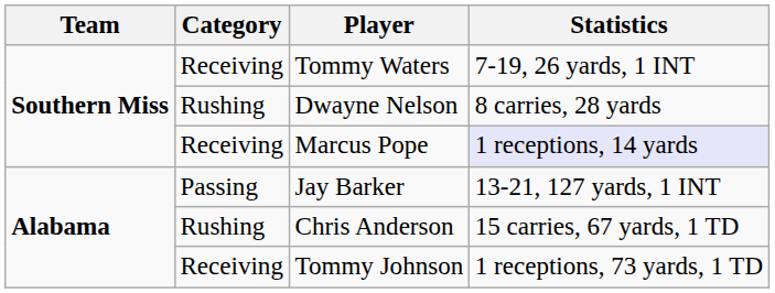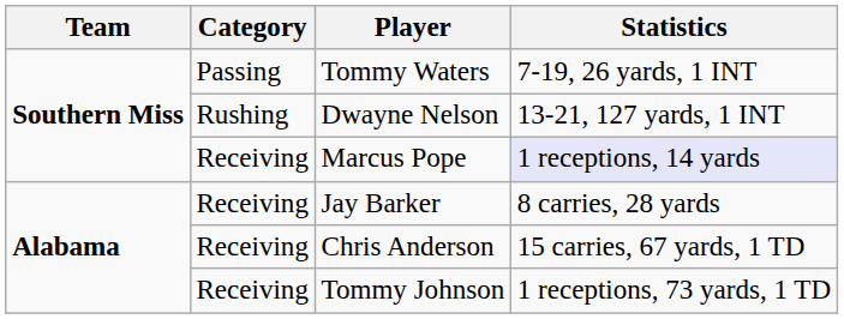 <table class="wikitable" style="float: right;">
 <tr>
 <th>Team</th>
 <th>Category</th>
 <th>Player</th>
 <th>Statistics</th>
 </tr>
 <tr>
 <td rowspan=3><strong>Southern Miss</strong></td>
-<td>Receiving</td>
+<td>Passing</td>
 <td>Tommy Waters</td>
 <td>7-19, 26 yards, 1 INT</td>
 </tr>
 <tr>
 <td>Rushing</td>
 <td>Dwayne Nelson</td>
-<td>8 carries, 28 yards</td>
+<td>13-21, 127 yards, 1 INT</td>
 </tr>
 <tr>
 <td>Receiving</td>
 <td>Marcus Pope</td>
 <td style="background: lavender;">1 receptions, 14 yards</td>
 </tr>
 <tr>
 <td rowspan=3><strong>Alabama</strong></td>
-<td>Passing</td>
+<td>Receiving</td>
 <td>Jay Barker</td>
-<td>13-21, 127 yards, 1 INT</td>
+<td>8 carries, 28 yards</td>
 </tr>
 <tr>
-<td>Rushing</td>
+<td>Receiving</td>
 <td>Chris Anderson</td>
 <td>15 carries, 67 yards, 1 TD</td>
 </tr>
 <tr>
 <td>Receiving</td>
 <td>Tommy Johnson</td>
 <td>1 receptions, 73 yards, 1 TD</td>
 </tr>
 </table>
